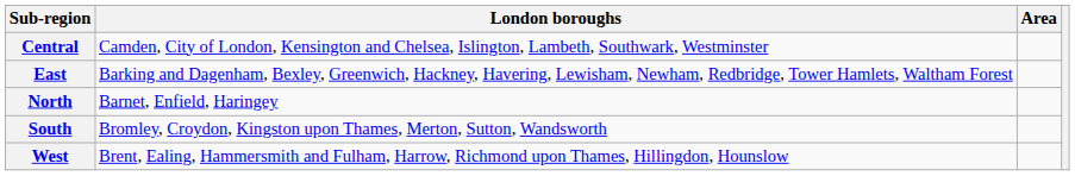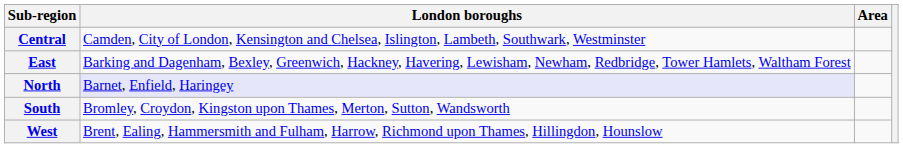 <table class="wikitable">
 <tr>
 <th>Sub-region</th>
 <th>London boroughs</th>
 <th>Area</th>
 <th rowspan="6"></th>
 </tr>
 <tr>
 <th><a href='#'>Central</a></th>
 <td><a href='#'>Camden</a>, <a href='#'>City of London</a>, <a href='#'>Kensington and Chelsea</a>, <a href='#'>Islington</a>, <a href='#'>Lambeth</a>, <a href='#'>Southwark</a>, <a href='#'>Westminster</a></td>
 <td></td>
 </tr>
 <tr>
 <th><a href='#'>East</a></th>
 <td><a href='#'>Barking and Dagenham</a>, <a href='#'>Bexley</a>, <a href='#'>Greenwich</a>, <a href='#'>Hackney</a>, <a href='#'>Havering</a>, <a href='#'>Lewisham</a>, <a href='#'>Newham</a>, <a href='#'>Redbridge</a>, <a href='#'>Tower Hamlets</a>, <a href='#'>Waltham Forest</a></td>
 <td></td>
 </tr>
 <tr>
 <th><a href='#'>North</a></th>
-<td><a href='#'>Barnet</a>, <a href='#'>Enfield</a>, <a href='#'>Haringey</a></td>
+<td style="background: lavender;"><a href='#'>Barnet</a>, <a href='#'>Enfield</a>, <a href='#'>Haringey</a></td>
 <td></td>
 </tr>
 <tr>
 <th><a href='#'>South</a></th>
 <td><a href='#'>Bromley</a>, <a href='#'>Croydon</a>, <a href='#'>Kingston upon Thames</a>, <a href='#'>Merton</a>, <a href='#'>Sutton</a>, <a href='#'>Wandsworth</a></td>
 <td></td>
 </tr>
 <tr>
 <th><a href='#'>West</a></th>
 <td><a href='#'>Brent</a>, <a href='#'>Ealing</a>, <a href='#'>Hammersmith and Fulham</a>, <a href='#'>Harrow</a>, <a href='#'>Richmond upon Thames</a>, <a href='#'>Hillingdon</a>, <a href='#'>Hounslow</a></td>
 <td></td>
 </tr>
 </table>
